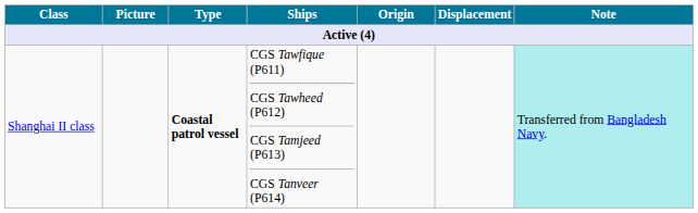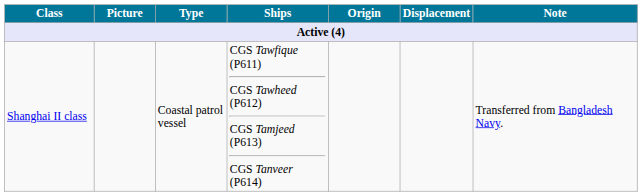 <table class="wikitable">
 <tr>
 <th style="color:#fff; background:#079; width:15%;">Class</th>
 <th style="color:#fff; background:#079; width:10%;">Picture</th>
 <th style="color:#fff; background:#079; width:12%;">Type</th>
 <th style="color:#fff; background:#079; width:17%;">Ships</th>
 <th style="color:#fff; background:#079; width:12%;">Origin</th>
 <th style="color:#fff; background:#079; width:6%;">Displacement</th>
 <th style="color:#fff; background:#079; width:28%;">Note</th>
 </tr>
 <tr>
 <th colspan="7" style="background: lavender;">Active (4)</th>
 </tr>
 <tr>
 <td><a href='#'>Shanghai II class</a></td>
 <td></td>
-<td><strong>Coastal patrol vessel</strong></td>
+<td>Coastal patrol vessel</td>
 <td>CGS <em>Tawfique</em> (P611)<hr>CGS <em>Tawheed</em> (P612)<hr>CGS <em>Tamjeed</em> (P613)<hr>CGS <em>Tanveer</em> (P614)</td>
 <td></td>
 <td></td>
-<td style="background: paleturquoise;">Transferred from <a href='#'>Bangladesh Navy</a>.</td>
+<td>Transferred from <a href='#'>Bangladesh Navy</a>.</td>
 </tr>
 </table>
